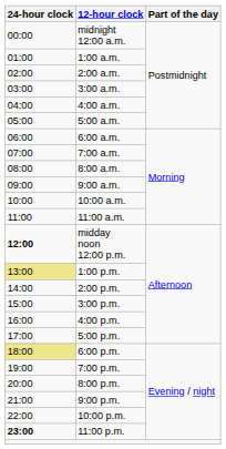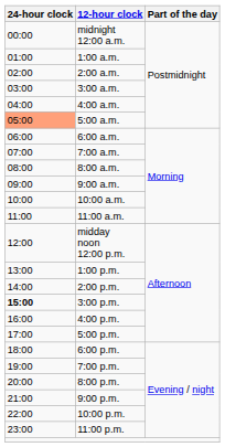 <table class="wikitable" style="float:right; margin:0.5em 0 0.5em 1em; font-size:95%;">
 <tr>
 <th>24-hour clock</th>
 <th><a href='#'>12-hour clock</a></th>
 <th>Part of the day</th>
 </tr>
 <tr>
 <td>00:00</td>
 <td>midnight<br>12:00 a.m.</td>
 <td rowspan = 6>Postmidnight</td>
 </tr>
 <tr>
 <td>01:00</td>
 <td>1:00 a.m.</td>
 </tr>
 <tr>
 <td>02:00</td>
 <td>2:00 a.m.</td>
 </tr>
 <tr>
 <td>03:00</td>
 <td>3:00 a.m.</td>
 </tr>
 <tr>
 <td>04:00</td>
 <td>4:00 a.m.</td>
 </tr>
 <tr>
-<td>05:00</td>
+<td style="background: lightsalmon;">05:00</td>
 <td>5:00 a.m.</td>
 </tr>
 <tr>
 <td>06:00</td>
 <td>6:00 a.m.</td>
 <td rowspan = 6><a href='#'>Morning</a></td>
 </tr>
 <tr>
 <td>07:00</td>
 <td>7:00 a.m.</td>
 </tr>
 <tr>
 <td>08:00</td>
 <td>8:00 a.m.</td>
 </tr>
 <tr>
 <td>09:00</td>
 <td>9:00 a.m.</td>
 </tr>
 <tr>
 <td>10:00</td>
 <td>10:00 a.m.</td>
 </tr>
 <tr>
 <td>11:00</td>
 <td>11:00 a.m.</td>
 </tr>
 <tr>
-<td><strong>12:00</strong></td>
+<td>12:00</td>
 <td>midday<br>noon<br>12:00 p.m.</td>
 <td rowspan = 6><a href='#'>Afternoon</a></td>
 </tr>
 <tr>
-<td style="background: khaki;">13:00</td>
+<td>13:00</td>
 <td>1:00 p.m.</td>
 </tr>
 <tr>
 <td>14:00</td>
 <td>2:00 p.m.</td>
 </tr>
 <tr>
-<td>15:00</td>
+<td><strong>15:00</strong></td>
 <td>3:00 p.m.</td>
 </tr>
 <tr>
 <td>16:00</td>
 <td>4:00 p.m.</td>
 </tr>
 <tr>
 <td>17:00</td>
 <td>5:00 p.m.</td>
 </tr>
 <tr>
-<td style="background: khaki;">18:00</td>
+<td>18:00</td>
 <td>6:00 p.m.</td>
 <td rowspan = 6><a href='#'>Evening</a> / <a href='#'>night</a></td>
 </tr>
 <tr>
 <td>19:00</td>
 <td>7:00 p.m.</td>
 </tr>
 <tr>
 <td>20:00</td>
 <td>8:00 p.m.</td>
 </tr>
 <tr>
 <td>21:00</td>
 <td>9:00 p.m.</td>
 </tr>
 <tr>
 <td>22:00</td>
 <td>10:00 p.m.</td>
 </tr>
 <tr>
-<td><strong>23:00</strong></td>
+<td>23:00</td>
 <td>11:00 p.m.</td>
 </tr>
 <tr>
 <td colspan="3"></td>
 </tr>
 </table>
